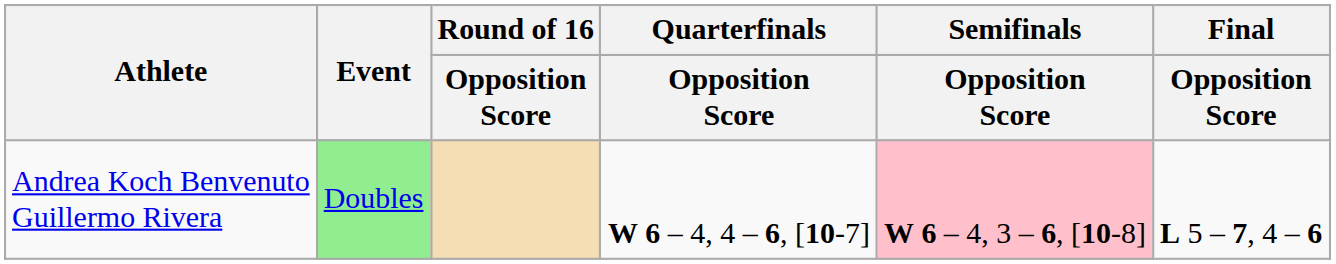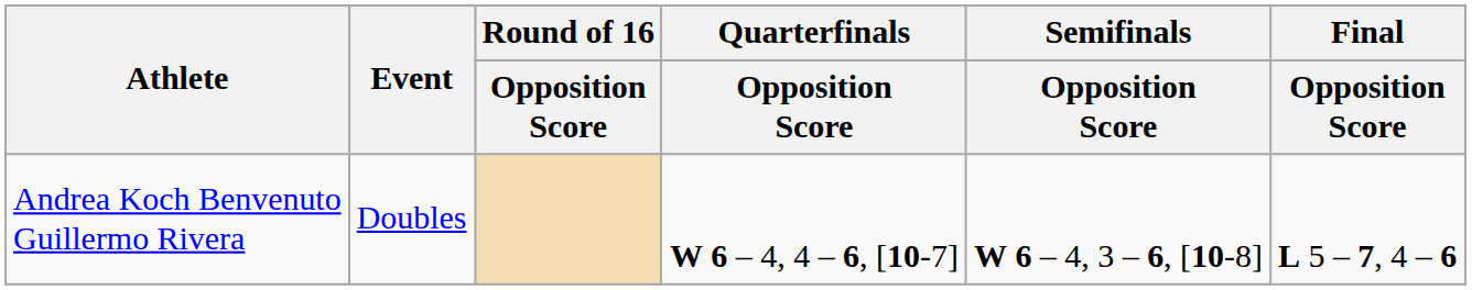 <table class="wikitable" border="1" style="font-size:90%">
 <tr>
 <th rowspan=2>Athlete</th>
 <th rowspan=2>Event</th>
 <th>Round of 16</th>
 <th>Quarterfinals</th>
 <th>Semifinals</th>
 <th>Final</th>
 </tr>
 <tr>
 <th>Opposition<br>Score</th>
 <th>Opposition<br>Score</th>
 <th>Opposition<br>Score</th>
 <th>Opposition<br>Score</th>
 </tr>
 <tr>
 <td><a href='#'>Andrea Koch Benvenuto</a><br><a href='#'>Guillermo Rivera</a></td>
-<td style="background: lightgreen;"><a href='#'>Doubles</a></td>
+<td><a href='#'>Doubles</a></td>
 <td align=center bgcolor=wheat></td>
 <td align=center><br><br><strong>W</strong> <strong>6</strong> – 4, 4 – <strong>6</strong>, [<strong>10</strong>-7]</td>
-<td align=center style="background: pink;"><br><br><strong>W</strong> <strong>6</strong> – 4, 3 – <strong>6</strong>, [<strong>10</strong>-8]</td>
+<td align=center><br><br><strong>W</strong> <strong>6</strong> – 4, 3 – <strong>6</strong>, [<strong>10</strong>-8]</td>
 <td align=center><br><br><strong>L</strong> 5 – <strong>7</strong>, 4 – <strong>6</strong><br></td>
 </tr>
 </table>
